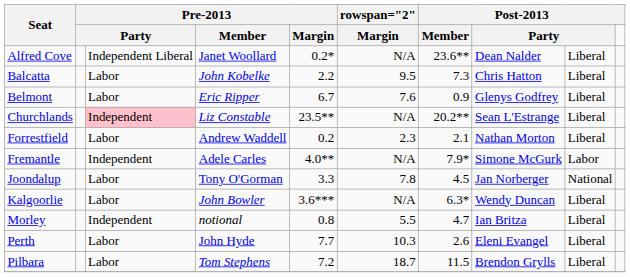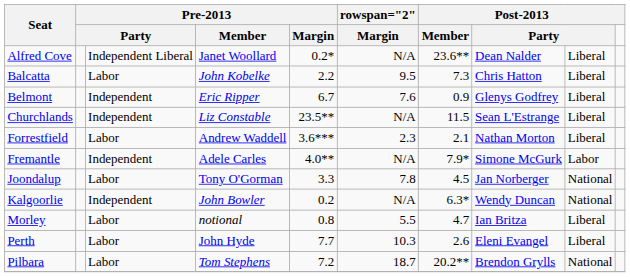 <table class="wikitable">
 <tr>
 <th rowspan="2">Seat</th>
 <th colspan="4">Pre-2013</th>
 <th>rowspan="2" </th>
 <th colspan="4">Post-2013</th>
 </tr>
 <tr>
 <th colspan="2">Party</th>
 <th>Member</th>
 <th>Margin</th>
 <th>Margin</th>
 <th>Member</th>
 <th colspan="2">Party</th>
 </tr>
 <tr>
 <td><a href='#'>Alfred Cove</a></td>
 <td> </td>
 <td>Independent Liberal</td>
 <td><a href='#'>Janet Woollard</a></td>
 <td style="text-align:right;">0.2*</td>
 <td style="text-align:right;">N/A</td>
 <td style="text-align:right;">23.6**</td>
 <td><a href='#'>Dean Nalder</a></td>
 <td>Liberal</td>
 <td> </td>
 </tr>
 <tr>
 <td><a href='#'>Balcatta</a></td>
 <td> </td>
 <td>Labor</td>
 <td><em><a href='#'>John Kobelke</a></em></td>
 <td style="text-align:right;">2.2</td>
 <td style="text-align:right;">9.5</td>
 <td style="text-align:right;">7.3</td>
 <td><a href='#'>Chris Hatton</a></td>
 <td>Liberal</td>
 <td> </td>
 </tr>
 <tr>
 <td><a href='#'>Belmont</a></td>
 <td> </td>
-<td>Labor</td>
+<td>Independent</td>
 <td><em><a href='#'>Eric Ripper</a></em></td>
 <td style="text-align:right;">6.7</td>
 <td style="text-align:right;">7.6</td>
 <td style="text-align:right;">0.9</td>
 <td><a href='#'>Glenys Godfrey</a></td>
 <td>Liberal</td>
 <td> </td>
 </tr>
 <tr>
 <td><a href='#'>Churchlands</a></td>
 <td> </td>
-<td style="background: pink;">Independent</td>
+<td>Independent</td>
 <td><em><a href='#'>Liz Constable</a></em></td>
 <td style="text-align:right;">23.5**</td>
 <td style="text-align:right;">N/A</td>
-<td style="text-align:right;">20.2**</td>
+<td style="text-align:right;">11.5</td>
 <td><a href='#'>Sean L'Estrange</a></td>
 <td>Liberal</td>
 <td> </td>
 </tr>
 <tr>
 <td><a href='#'>Forrestfield</a></td>
 <td> </td>
 <td>Labor</td>
 <td><a href='#'>Andrew Waddell</a></td>
-<td style="text-align:right;">0.2</td>
+<td style="text-align:right;">3.6***</td>
 <td style="text-align:right;">2.3</td>
 <td style="text-align:right;">2.1</td>
 <td><a href='#'>Nathan Morton</a></td>
 <td>Liberal</td>
 <td> </td>
 </tr>
 <tr>
 <td><a href='#'>Fremantle</a></td>
 <td> </td>
 <td>Independent</td>
 <td><a href='#'>Adele Carles</a></td>
 <td style="text-align:right;">4.0**</td>
 <td style="text-align:right;">N/A</td>
 <td style="text-align:right;">7.9*</td>
 <td><a href='#'>Simone McGurk</a></td>
 <td>Labor</td>
 <td> </td>
 </tr>
 <tr>
 <td><a href='#'>Joondalup</a></td>
 <td> </td>
 <td>Labor</td>
 <td><a href='#'>Tony O'Gorman</a></td>
 <td style="text-align:right;">3.3</td>
 <td style="text-align:right;">7.8</td>
 <td style="text-align:right;">4.5</td>
 <td><a href='#'>Jan Norberger</a></td>
 <td>National</td>
 <td> </td>
 </tr>
 <tr>
 <td><a href='#'>Kalgoorlie</a></td>
 <td> </td>
-<td>Labor</td>
+<td>Independent</td>
 <td><em><a href='#'>John Bowler</a></em></td>
-<td style="text-align:right;">3.6***</td>
+<td style="text-align:right;">0.2</td>
 <td style="text-align:right;">N/A</td>
 <td style="text-align:right;">6.3*</td>
 <td><a href='#'>Wendy Duncan</a></td>
-<td>Liberal</td>
+<td>National</td>
 <td> </td>
 </tr>
 <tr>
 <td><a href='#'>Morley</a></td>
 <td> </td>
-<td>Independent</td>
+<td>Labor</td>
 <td><em>notional</em></td>
 <td style="text-align:right;">0.8</td>
 <td style="text-align:right;">5.5</td>
 <td style="text-align:right;">4.7</td>
 <td><a href='#'>Ian Britza</a></td>
 <td>Liberal</td>
 <td> </td>
 </tr>
 <tr>
 <td><a href='#'>Perth</a></td>
 <td> </td>
 <td>Labor</td>
 <td><a href='#'>John Hyde</a></td>
 <td style="text-align:right;">7.7</td>
 <td style="text-align:right;">10.3</td>
 <td style="text-align:right;">2.6</td>
 <td><a href='#'>Eleni Evangel</a></td>
 <td>Liberal</td>
 <td> </td>
 </tr>
 <tr>
 <td><a href='#'>Pilbara</a></td>
 <td> </td>
 <td>Labor</td>
 <td><em><a href='#'>Tom Stephens</a></em></td>
 <td style="text-align:right;">7.2</td>
 <td style="text-align:right;">18.7</td>
-<td style="text-align:right;">11.5</td>
+<td style="text-align:right;">20.2**</td>
 <td><a href='#'>Brendon Grylls</a></td>
-<td>Liberal</td>
+<td>National</td>
 <td> </td>
 </tr>
 <tr>
 </tr>
 </table>
